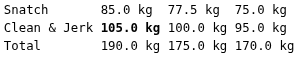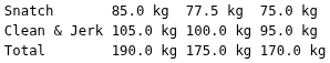 <table>
 <tr>
 <td>Snatch</td>
 <td></td>
 <td>85.0 kg</td>
 <td></td>
 <td>77.5 kg</td>
 <td></td>
 <td>75.0 kg</td>
 </tr>
 <tr>
 <td>Clean & Jerk</td>
 <td></td>
-<td><strong>105.0 kg</strong></td>
+<td>105.0 kg</td>
 <td></td>
 <td>100.0 kg</td>
 <td></td>
 <td>95.0 kg</td>
 </tr>
 <tr>
 <td>Total</td>
 <td></td>
 <td>190.0 kg</td>
 <td></td>
 <td>175.0 kg</td>
 <td></td>
 <td>170.0 kg</td>
 </tr>
 </table>
